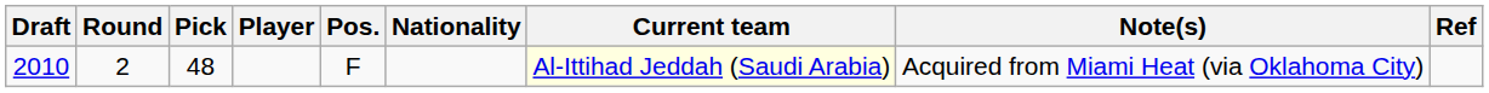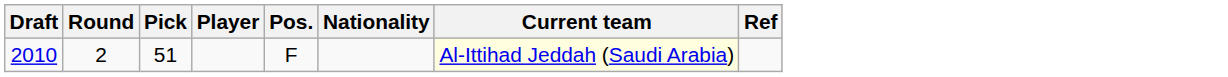 <table class="wikitable sortable" style="text-align:left; font-size:90%;">
 <tr>
 <th>Draft</th>
 <th>Round</th>
 <th>Pick</th>
 <th>Player</th>
 <th>Pos.</th>
 <th>Nationality</th>
 <th>Current team</th>
-<th>Note(s)</th>
 <th class="unsortable">Ref</th>
 </tr>
 <tr>
 <td style="text-align:center;"><a href='#'>2010</a></td>
 <td style="text-align:center;">2</td>
-<td style="text-align:center;">48</td>
+<td style="text-align:center;">51</td>
 <td></td>
 <td style="text-align:center;">F</td>
 <td></td>
 <td style="background: lightyellow;"><a href='#'>Al-Ittihad Jeddah</a> (<a href='#'>Saudi Arabia</a>)</td>
-<td>Acquired from <a href='#'>Miami Heat</a> (via <a href='#'>Oklahoma City</a>)</td>
 <td style="text-align:center;"></td>
 </tr>
 </table>
